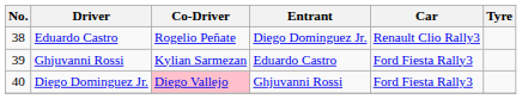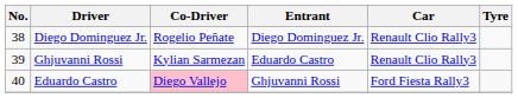 <table class="wikitable" style="font-size: 85%;">
 <tr>
 <th>No.</th>
 <th>Driver</th>
 <th>Co-Driver</th>
 <th>Entrant</th>
 <th>Car</th>
 <th>Tyre</th>
 </tr>
 <tr>
 <td align="center">38</td>
-<td> <a href='#'>Eduardo Castro</a></td>
+<td> <a href='#'>Diego Dominguez Jr.</a></td>
 <td> <a href='#'>Rogelio Peñate</a></td>
 <td> <a href='#'>Diego Dominguez Jr.</a></td>
 <td><a href='#'>Renault Clio Rally3</a></td>
 <td align="center"></td>
 </tr>
 <tr>
 <td align="center">39</td>
 <td> <a href='#'>Ghjuvanni Rossi</a></td>
 <td> <a href='#'>Kylian Sarmezan</a></td>
 <td> <a href='#'>Eduardo Castro</a></td>
-<td><a href='#'>Ford Fiesta Rally3</a></td>
+<td><a href='#'>Renault Clio Rally3</a></td>
 <td align="center"></td>
 </tr>
 <tr>
 <td align="center">40</td>
-<td> <a href='#'>Diego Dominguez Jr.</a></td>
+<td> <a href='#'>Eduardo Castro</a></td>
 <td style="background: pink;"> <a href='#'>Diego Vallejo</a></td>
 <td> <a href='#'>Ghjuvanni Rossi</a></td>
 <td><a href='#'>Ford Fiesta Rally3</a></td>
 <td align="center"></td>
 </tr>
 <tr>
 </tr>
 </table>
